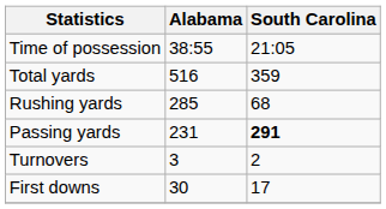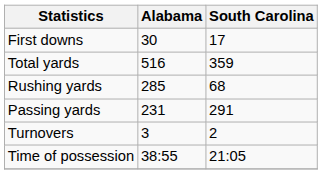 <table class="wikitable" style="float: left;">
 <tr>
 <th>Statistics</th>
 <th>Alabama</th>
 <th>South Carolina</th>
 </tr>
 <tr>
-<td>Time of possession</td>
-<td>38:55</td>
-<td>21:05</td>
+<td>First downs</td>
+<td>30</td>
+<td>17</td>
 </tr>
 <tr>
 <td>Total yards</td>
 <td>516</td>
 <td>359</td>
 </tr>
 <tr>
 <td>Rushing yards</td>
 <td>285</td>
 <td>68</td>
 </tr>
 <tr>
 <td>Passing yards</td>
 <td>231</td>
-<td><strong>291</strong></td>
+<td>291</td>
 </tr>
 <tr>
 <td>Turnovers</td>
 <td>3</td>
 <td>2</td>
 </tr>
 <tr>
-<td>First downs</td>
-<td>30</td>
-<td>17</td>
+<td>Time of possession</td>
+<td>38:55</td>
+<td>21:05</td>
 </tr>
 <tr>
 </tr>
 </table>
